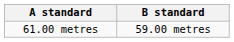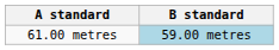 <table class="wikitable" style=" text-align:center; font-size:110%;" width="35%">
 <tr>
 <th>A standard</th>
 <th>B standard</th>
 </tr>
 <tr>
 <td>61.00 metres</td>
-<td>59.00 metres</td>
+<td style="background: lightblue;">59.00 metres</td>
 </tr>
 </table>
